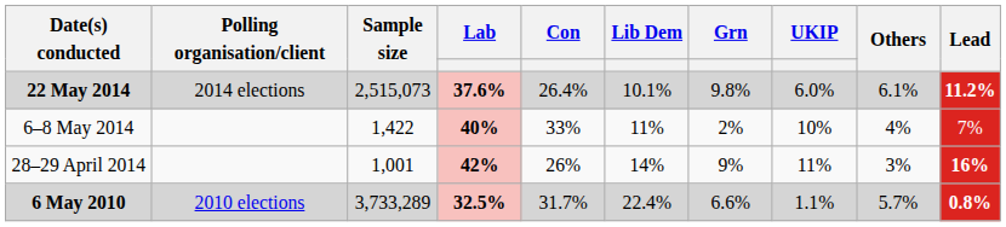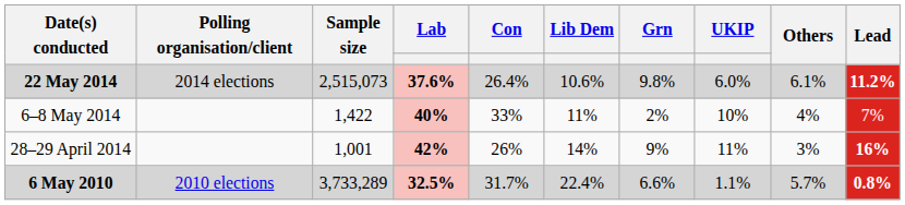 <table class="wikitable sortable" style="text-align:center; font-size:95%;line-height:23px">
 <tr>
 <th style="width:110px;" rowspan="2">Date(s)<br>conducted</th>
 <th style="width:150px;" rowspan="2">Polling organisation/client</th>
 <th style="width:65px;"  rowspan="2">Sample size</th>
 <th style="width:60px;"              class="unsortable"><a href='#'>Lab</a></th>
 <th style="width:60px;"              class="unsortable"><a href='#'>Con</a></th>
 <th style="width:60px;"              class="unsortable"><a href='#'>Lib Dem</a></th>
 <th style="width:60px;"              class="unsortable"><a href='#'>Grn</a></th>
 <th style="width:60px;"              class="unsortable"><a href='#'>UKIP</a></th>
 <th style="width:60px;"  rowspan="2" class="unsortable">Others</th>
 <th style="width:20px;"  rowspan="2" class="unsortable">Lead</th>
 </tr>
 <tr>
 <th style="background:"></th>
 <th style="background:"></th>
 <th style="background:"></th>
 <th style="background:"></th>
 <th style="background:"></th>
 </tr>
 <tr style="background:#D5D5D5;">
 <td><strong>22 May 2014</strong></td>
 <td>2014 elections</td>
 <td>2,515,073</td>
 <td style="background:#F8C1BE;"><strong>37.6%</strong></td>
 <td>26.4%</td>
-<td>10.1%</td>
+<td>10.6%</td>
 <td>9.8%</td>
 <td>6.0%</td>
 <td>6.1%</td>
 <td style="background:#dc241f; color:white;"><strong>11.2%</strong></td>
 </tr>
 <tr>
 <td>6–8 May 2014</td>
 <td></td>
 <td>1,422</td>
 <td style="background:#F8C1BE"><strong>40%</strong></td>
 <td>33%</td>
 <td>11%</td>
 <td>2%</td>
 <td>10%</td>
 <td>4%</td>
 <td style="background:#dc241f; color:white;">7%</td>
 </tr>
 <tr>
 <td>28–29 April 2014</td>
 <td></td>
 <td>1,001</td>
 <td style="background:#F8C1BE"><strong>42%</strong></td>
 <td>26%</td>
 <td>14%</td>
 <td>9%</td>
 <td>11%</td>
 <td>3%</td>
 <td style="background:#dc241f; color:white;"><strong>16%</strong></td>
 </tr>
 <tr style="background:#D5D5D5;">
 <td><strong>6 May 2010</strong></td>
 <td><a href='#'>2010 elections</a></td>
 <td>3,733,289</td>
 <td style="background:#F8C1BE;"><strong>32.5%</strong></td>
 <td>31.7%</td>
 <td>22.4%</td>
 <td>6.6%</td>
 <td>1.1%</td>
 <td>5.7%</td>
 <td style="background:#dc241f; color:white;"><strong>0.8%</strong></td>
 </tr>
 </table>
